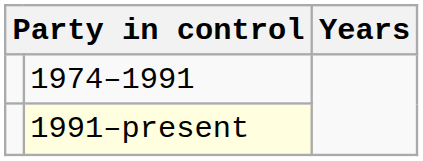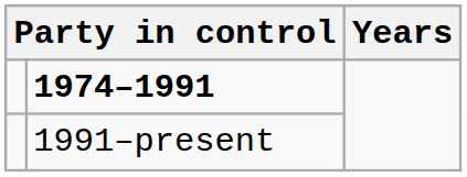 <table class="wikitable">
 <tr>
 <th colspan="2">Party in control</th>
 <th>Years</th>
 </tr>
 <tr>
 <td></td>
-<td>1974–1991</td>
+<td><strong>1974–1991</strong></td>
 </tr>
 <tr>
 <td></td>
-<td style="background: lightyellow;">1991–present</td>
+<td>1991–present</td>
 </tr>
 </table>
